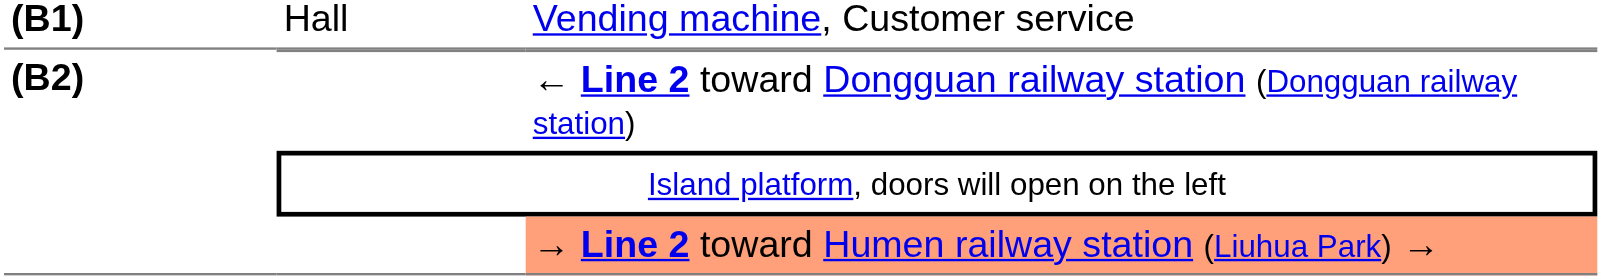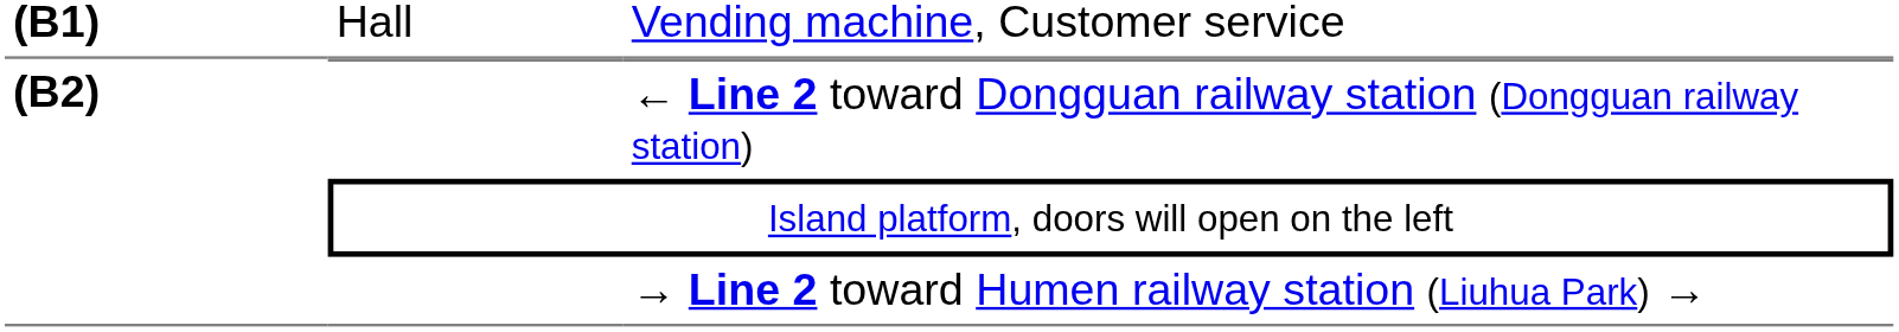 <table table border=0 cellspacing=0 cellpadding=3>
 <tr>
 <td style="border-bottom:solid 1px gray;border-top:solid 0px gray;" width=110 valign=top><strong>(B1)</strong></td>
 <td style="border-top:solid 0px gray;border-bottom:solid 1px gray;" width=100 valign=top>Hall</td>
 <td style="border-top:solid 0px gray;border-bottom:solid 1px gray;" width=390 valign=top><a href='#'>Vending machine</a>, Customer service</td>
 </tr>
 <tr>
 <td style="border-top:solid 0px gray;border-bottom:solid 1px gray;" width=110 rowspan=3 valign=top><strong>(B2)</strong></td>
 <td style="border-top:solid 1px gray;" width=100></td>
 <td style="border-top:solid 1px gray;" width=450>← <a href='#'><span><strong>Line 2</strong></span></a> toward <a href='#'>Dongguan railway station</a> <small>(<a href='#'>Dongguan railway station</a>)</small></td>
 </tr>
 <tr>
 <td style="border-top:solid 2px black;border-right:solid 2px black;border-left:solid 2px black;border-bottom:solid 2px black;text-align:center;" colspan=2><small><a href='#'>Island platform</a>, doors will open on the left</small></td>
 </tr>
 <tr>
 <td style="border-bottom:solid 1px gray;" width=100></td>
-<td style="background: lightsalmon; border-bottom:solid 1px gray;" width=390><span>→</span> <a href='#'><span><strong>Line 2</strong></span></a> toward <a href='#'>Humen railway station</a> <small>(<a href='#'>Liuhua Park</a>)</small> →</td>
+<td style="border-bottom:solid 1px gray;" width=390><span>→</span> <a href='#'><span><strong>Line 2</strong></span></a> toward <a href='#'>Humen railway station</a> <small>(<a href='#'>Liuhua Park</a>)</small> →</td>
 </tr>
 </table>
